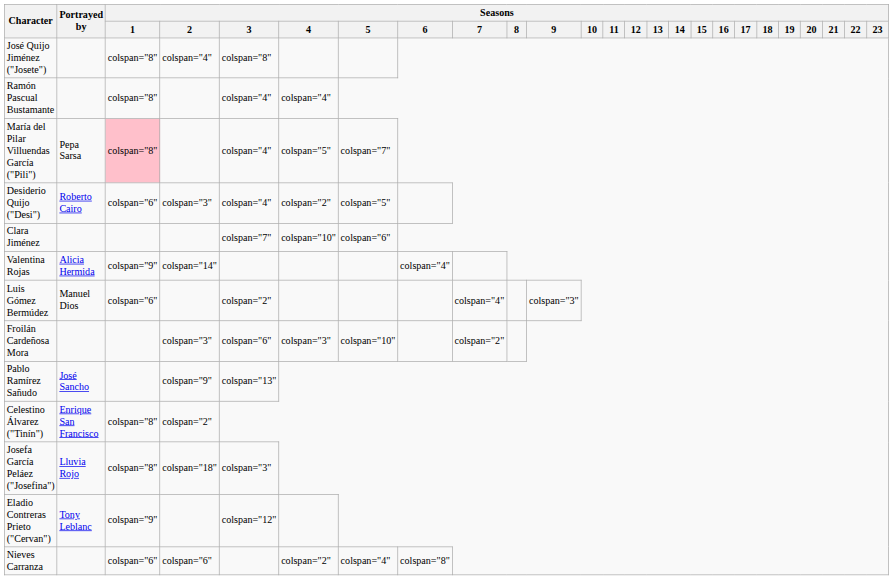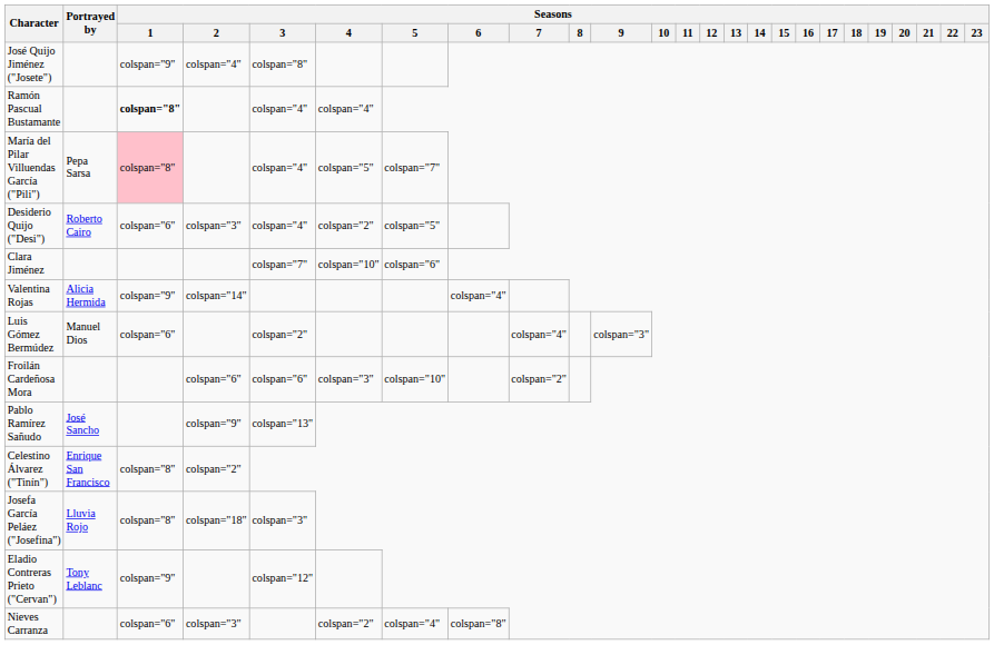 <table class="wikitable" style="width:100%; font-size:90%">
 <tr>
 <th rowspan="2">Character</th>
 <th rowspan="2">Portrayed by</th>
 <th colspan="23">Seasons</th>
 </tr>
 <tr>
 <th style="width:3%">1</th>
 <th style="width:3%">2</th>
 <th style="width:3%">3</th>
 <th style="width:3%">4</th>
 <th style="width:3%">5</th>
 <th style="width:3%">6</th>
 <th style="width:3%">7</th>
 <th style="width:3%">8</th>
 <th style="width:3%">9</th>
 <th style="width:3%">10</th>
 <th style="width:3%">11</th>
 <th style="width:3%">12</th>
 <th style="width:3%">13</th>
 <th style="width:3%">14</th>
 <th style="width:3%">15</th>
 <th style="width:3%">16</th>
 <th style="width:3%">17</th>
 <th style="width:3%">18</th>
 <th style="width:3%">19</th>
 <th style="width:3%">20</th>
 <th style="width:3%">21</th>
 <th style="width:3%">22</th>
 <th style="width:3%">23</th>
 </tr>
 <tr>
 <td>José Quijo Jiménez ("Josete")</td>
 <td></td>
-<td>colspan="8" </td>
+<td>colspan="9" </td>
 <td>colspan="4" </td>
 <td>colspan="8" </td>
 <td></td>
 <td></td>
 </tr>
 <tr>
 <td>Ramón Pascual Bustamante</td>
 <td></td>
-<td>colspan="8" </td>
+<td><strong>colspan="8" </strong></td>
 <td></td>
 <td>colspan="4" </td>
 <td>colspan="4" </td>
 </tr>
 <tr>
 <td>María del Pilar Villuendas García ("Pili")</td>
 <td>Pepa Sarsa</td>
 <td style="background: pink;">colspan="8" </td>
 <td></td>
 <td>colspan="4" </td>
 <td>colspan="5" </td>
 <td>colspan="7" </td>
 </tr>
 <tr>
 <td>Desiderio Quijo ("Desi")</td>
 <td><a href='#'>Roberto Cairo</a></td>
 <td>colspan="6" </td>
 <td>colspan="3" </td>
 <td>colspan="4" </td>
 <td>colspan="2" </td>
 <td>colspan="5" </td>
 <td></td>
 </tr>
 <tr>
 <td>Clara Jiménez</td>
 <td></td>
 <td></td>
 <td></td>
 <td>colspan="7" </td>
 <td>colspan="10" </td>
 <td>colspan="6" </td>
 </tr>
 <tr>
 <td>Valentina Rojas</td>
 <td><a href='#'>Alicia Hermida</a></td>
 <td>colspan="9" </td>
 <td>colspan="14" </td>
 <td></td>
 <td></td>
 <td></td>
 <td>colspan="4" </td>
 <td></td>
 </tr>
 <tr>
 <td>Luis Gómez Bermúdez</td>
 <td>Manuel Dios</td>
 <td>colspan="6" </td>
 <td></td>
 <td>colspan="2" </td>
 <td></td>
 <td></td>
 <td></td>
 <td>colspan="4" </td>
 <td></td>
 <td>colspan="3" </td>
 </tr>
 <tr>
 <td>Froilán Cardeñosa Mora</td>
 <td></td>
 <td></td>
-<td>colspan="3" </td>
+<td>colspan="6" </td>
 <td>colspan="6" </td>
 <td>colspan="3" </td>
 <td>colspan="10" </td>
 <td></td>
 <td>colspan="2" </td>
 <td></td>
 </tr>
 <tr>
 <td>Pablo Ramírez Sañudo</td>
 <td><a href='#'>José Sancho</a></td>
 <td></td>
 <td>colspan="9" </td>
 <td>colspan="13" </td>
 </tr>
 <tr>
 <td>Celestino Álvarez ("Tinín")</td>
 <td><a href='#'>Enrique San Francisco</a></td>
 <td>colspan="8" </td>
 <td>colspan="2" </td>
 </tr>
 <tr>
 <td>Josefa García Peláez ("Josefina")</td>
 <td><a href='#'>Lluvia Rojo</a></td>
 <td>colspan="8" </td>
 <td>colspan="18" </td>
 <td>colspan="3" </td>
 </tr>
 <tr>
 <td>Eladio Contreras Prieto ("Cervan")</td>
 <td><a href='#'>Tony Leblanc</a></td>
 <td>colspan="9" </td>
 <td></td>
 <td>colspan="12" </td>
 <td></td>
 </tr>
 <tr>
 <td>Nieves Carranza</td>
 <td></td>
 <td>colspan="6" </td>
-<td>colspan="6" </td>
+<td>colspan="3" </td>
 <td></td>
 <td>colspan="2" </td>
 <td>colspan="4" </td>
 <td>colspan="8" </td>
 </tr>
 </table>
